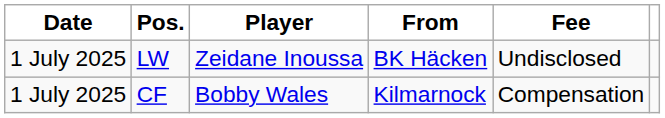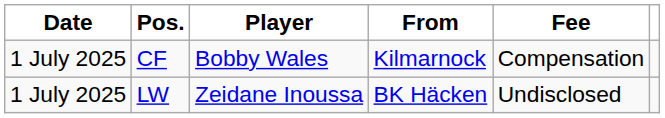 <table class="wikitable plainrowheaders sortable">
 <tr>
 <th style="background-color: white; color:black; ">Date</th>
 <th style="background-color: white; color:black; ">Pos.</th>
 <th style="background-color: white; color:black; ">Player</th>
 <th style="background-color: white; color:black; ">From</th>
 <th style="background-color: white; color:black; ">Fee</th>
 <th style="background-color: white; color:black; "></th>
 </tr>
 <tr>
 <td>1 July 2025</td>
+<td><a href='#'>CF</a></td>
+<td> <a href='#'>Bobby Wales</a></td>
+<td> <a href='#'>Kilmarnock</a></td>
+<td>Compensation</td>
+<td></td>
+</tr>
+<tr>
+<td>1 July 2025</td>
 <td><a href='#'>LW</a></td>
 <td> <a href='#'>Zeidane Inoussa</a></td>
 <td> <a href='#'>BK Häcken</a></td>
 <td>Undisclosed</td>
 <td></td>
 </tr>
-<tr>
-<td>1 July 2025</td>
-<td><a href='#'>CF</a></td>
-<td> <a href='#'>Bobby Wales</a></td>
-<td> <a href='#'>Kilmarnock</a></td>
-<td>Compensation</td>
-<td></td>
-</tr>
 </table>
